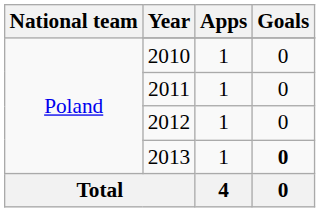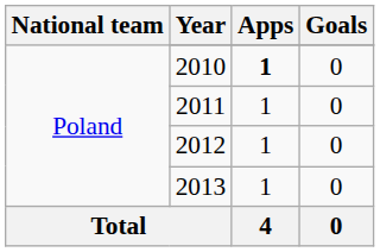 <table class="wikitable" style="text-align:center">
 <tr>
 <th>National team</th>
 <th>Year</th>
 <th>Apps</th>
 <th>Goals</th>
 </tr>
 <tr>
 <td rowspan=5><a href='#'>Poland</a></td>
 </tr>
 <tr>
 <td>2010</td>
-<td>1</td>
+<td><strong>1</strong></td>
 <td>0</td>
 </tr>
 <tr>
 <td>2011</td>
 <td>1</td>
 <td>0</td>
 </tr>
 <tr>
 <td>2012</td>
 <td>1</td>
 <td>0</td>
 </tr>
 <tr>
 <td>2013</td>
 <td>1</td>
-<td><strong>0</strong></td>
+<td>0</td>
 </tr>
 <tr>
 <th colspan="2">Total</th>
 <th>4</th>
 <th>0</th>
 </tr>
 </table>
